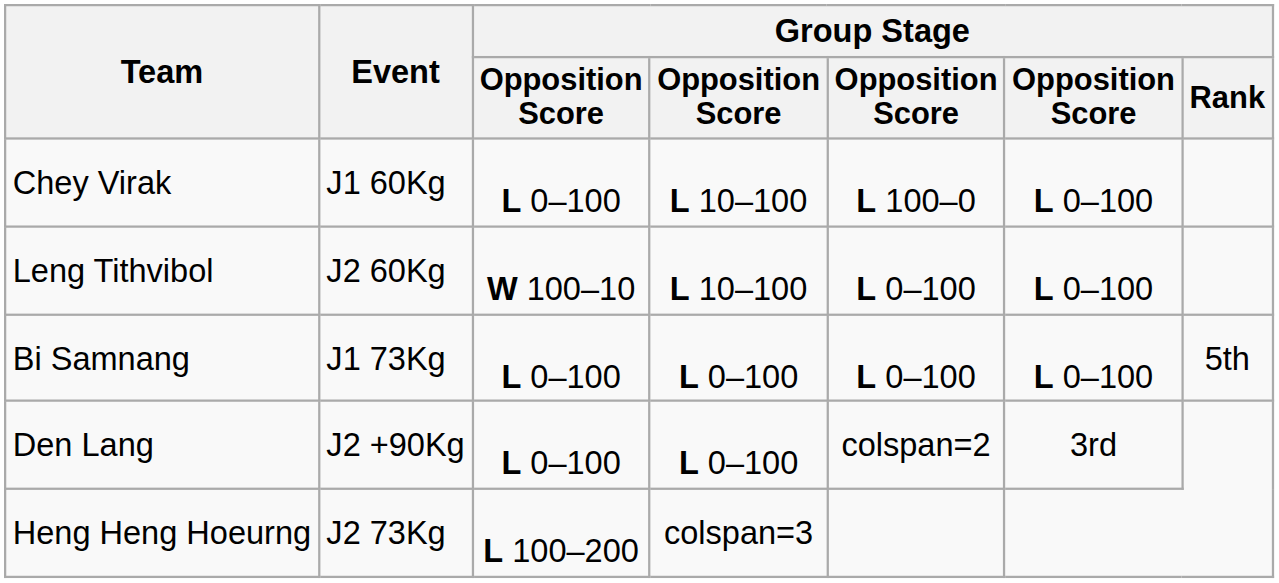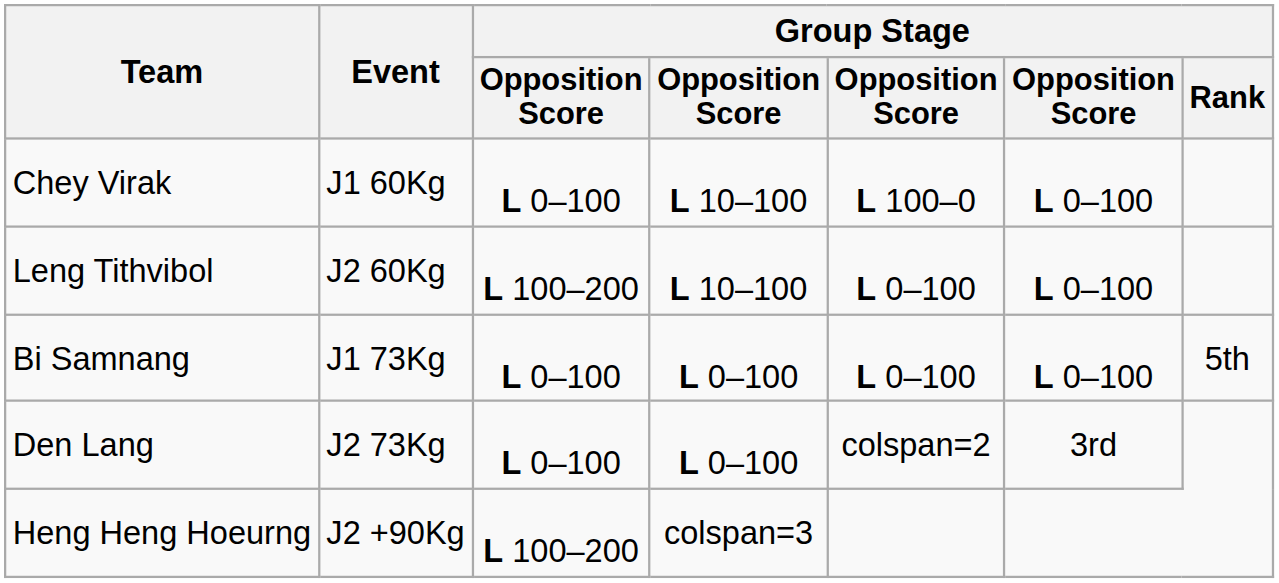 <table class="wikitable" style="font-size:90%">
 <tr>
 <th rowspan=2>Team</th>
 <th rowspan=2>Event</th>
 <th colspan=5>Group Stage</th>
 </tr>
 <tr style="font-size:95%">
 <th>Opposition<br>Score</th>
 <th>Opposition<br>Score</th>
 <th>Opposition<br>Score</th>
 <th>Opposition<br>Score</th>
 <th>Rank</th>
 </tr>
 <tr style="text-align:center">
 <td style="text-align:left">Chey Virak</td>
 <td style="text-align:left">J1 60Kg</td>
 <td><br><strong>L</strong> 0–100</td>
 <td><br><strong>L</strong> 10–100</td>
 <td><br><strong>L</strong> 100–0</td>
 <td><br><strong>L</strong> 0–100</td>
 <td></td>
 </tr>
 <tr style="text-align:center">
 <td style="text-align:left">Leng Tithvibol</td>
 <td style="text-align:left">J2 60Kg</td>
-<td><br><strong>W</strong> 100–10</td>
+<td><br><strong>L</strong> 100–200</td>
 <td><br><strong>L</strong> 10–100</td>
 <td><br><strong>L</strong> 0–100</td>
 <td><br><strong>L</strong> 0–100</td>
 <td></td>
 </tr>
 <tr style="text-align:center">
 <td style="text-align:left">Bi Samnang</td>
 <td style="text-align:left">J1 73Kg</td>
 <td><br><strong>L</strong> 0–100</td>
 <td><br><strong>L</strong> 0–100</td>
 <td><br><strong>L</strong> 0–100</td>
 <td><br><strong>L</strong> 0–100</td>
 <td>5th</td>
 </tr>
 <tr style="text-align:center">
 <td style="text-align:left">Den Lang</td>
-<td style="text-align:left">J2 +90Kg</td>
+<td style="text-align:left">J2 73Kg</td>
 <td><br><strong>L</strong> 0–100</td>
 <td><br><strong>L</strong> 0–100</td>
 <td>colspan=2 </td>
 <td>3rd</td>
 </tr>
 <tr style="text-align:center">
 <td style="text-align:left">Heng Heng Hoeurng</td>
-<td style="text-align:left">J2 73Kg</td>
+<td style="text-align:left">J2 +90Kg</td>
 <td><br><strong>L</strong> 100–200</td>
 <td>colspan=3 </td>
 <td></td>
 </tr>
 </table>
